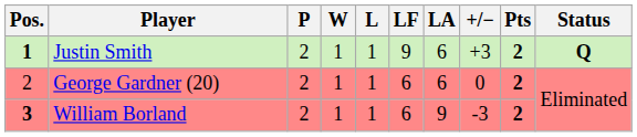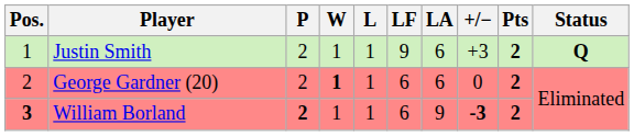 <table class="wikitable" style="text-align:center; margin: 1em auto 1em auto, align:left">
 <tr>
 <th width=20>Pos.</th>
 <th width=185>Player</th>
 <th width=20>P</th>
 <th width=20>W</th>
 <th width=20>L</th>
 <th width=20>LF</th>
 <th width=20>LA</th>
 <th width=25>+/−</th>
 <th width=20>Pts</th>
 <th width=70>Status</th>
 </tr>
 <tr style="background:#D0F0C0;">
-<td><strong>1</strong></td>
+<td>1</td>
 <td align=left> <a href='#'>Justin Smith</a></td>
 <td>2</td>
 <td>1</td>
 <td>1</td>
 <td>9</td>
 <td>6</td>
 <td>+3</td>
 <td><strong>2</strong></td>
 <td rowspan=1><strong>Q</strong></td>
 </tr>
 <tr style="background:#FF8888;">
 <td>2</td>
 <td align=left> <a href='#'>George Gardner</a> (20)</td>
 <td>2</td>
-<td>1</td>
+<td><strong>1</strong></td>
 <td>1</td>
 <td>6</td>
 <td>6</td>
 <td>0</td>
 <td><strong>2</strong></td>
 <td rowspan=2>Eliminated</td>
 </tr>
 <tr style="background:#FF8888;">
 <td><strong>3</strong></td>
 <td align=left> <a href='#'>William Borland</a></td>
-<td>2</td>
+<td><strong>2</strong></td>
 <td>1</td>
 <td>1</td>
 <td>6</td>
 <td>9</td>
-<td>-3</td>
+<td><strong>-3</strong></td>
 <td><strong>2</strong></td>
 </tr>
 </table>
